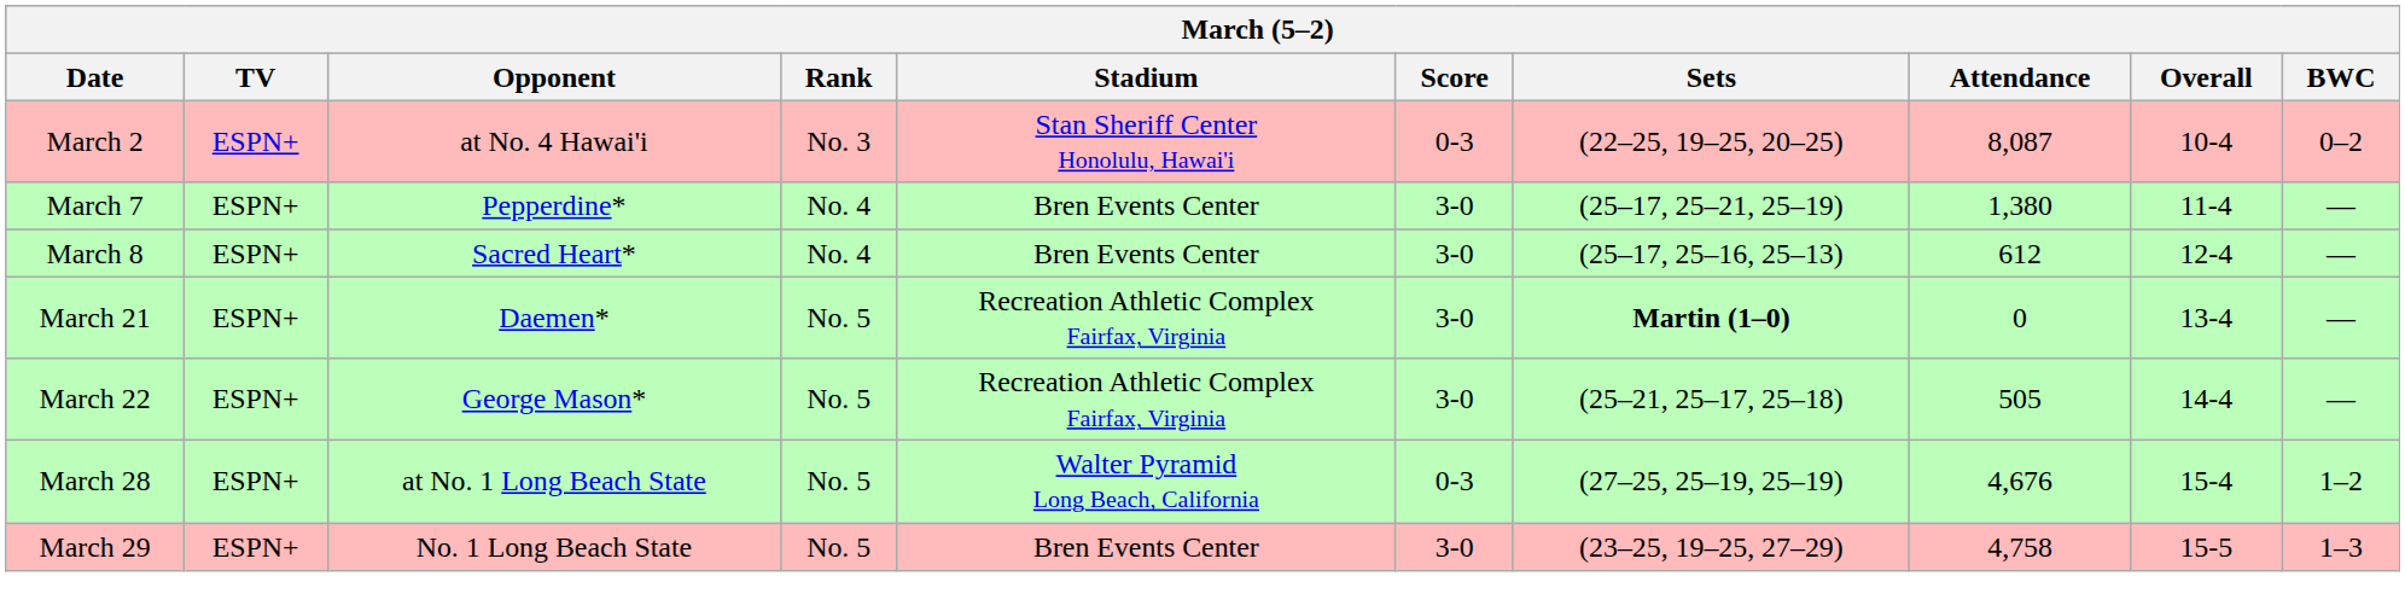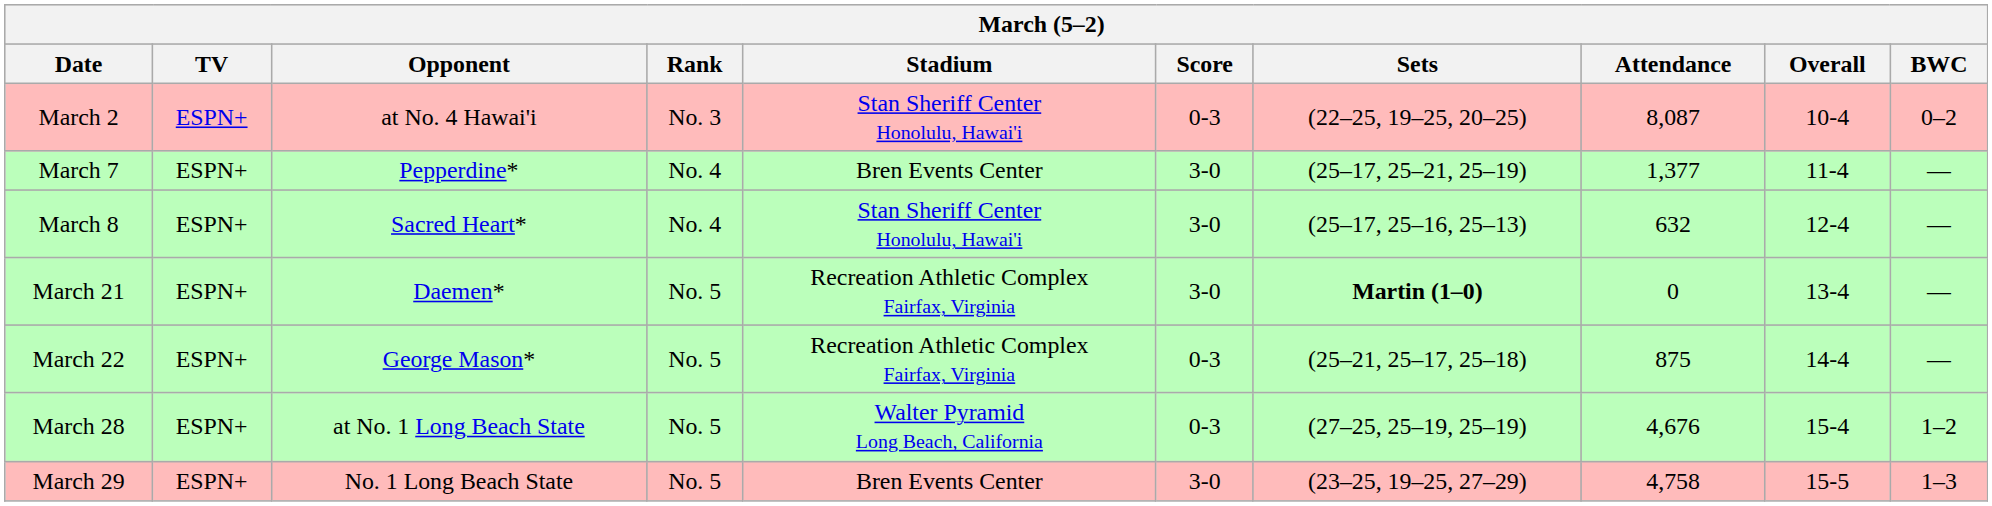 <table class="wikitable collapsible collapsed" style="margin:auto; width:100%; text-align:center; font-size:95%">
 <tr>
 <th colspan=12 style="padding-left:4em;">March (5–2)</th>
 </tr>
 <tr>
 <th bgcolor="#DDDDFF">Date</th>
 <th bgcolor="#DDDDFF">TV</th>
 <th bgcolor="#DDDDFF">Opponent</th>
 <th bgcolor="#DDDDFF">Rank</th>
 <th bgcolor="#DDDDFF">Stadium</th>
 <th bgcolor="#DDDDFF">Score</th>
 <th bgcolor="#DDDDFF">Sets</th>
 <th bgcolor="#DDDDFF">Attendance</th>
 <th bgcolor="#DDDDFF">Overall</th>
 <th bgcolor="#DDDDFF">BWC</th>
 </tr>
 <tr bgcolor="ffbbbb">
 <td>March 2</td>
 <td><a href='#'>ESPN+</a></td>
 <td>at No. 4 Hawai'i</td>
 <td>No. 3</td>
 <td><a href='#'>Stan Sheriff Center</a><br><small><a href='#'>Honolulu, Hawai'i</a></small></td>
 <td>0-3</td>
 <td>(22–25, 19–25, 20–25)</td>
 <td>8,087</td>
 <td>10-4</td>
 <td>0–2</td>
 </tr>
 <tr bgcolor="bbffbb">
 <td>March 7</td>
 <td>ESPN+</td>
 <td><a href='#'>Pepperdine</a>*</td>
 <td>No. 4</td>
 <td>Bren Events Center</td>
 <td>3-0</td>
 <td>(25–17, 25–21, 25–19)</td>
-<td>1,380</td>
+<td>1,377</td>
 <td>11-4</td>
 <td>—</td>
 </tr>
 <tr bgcolor="bbffbb">
 <td>March 8</td>
 <td>ESPN+</td>
 <td><a href='#'>Sacred Heart</a>*</td>
 <td>No. 4</td>
-<td>Bren Events Center</td>
+<td><a href='#'>Stan Sheriff Center</a><br><small><a href='#'>Honolulu, Hawai'i</a></small></td>
 <td>3-0</td>
 <td>(25–17, 25–16, 25–13)</td>
-<td>612</td>
+<td>632</td>
 <td>12-4</td>
 <td>—</td>
 </tr>
 <tr bgcolor="bbffbb">
 <td>March 21</td>
 <td>ESPN+</td>
 <td><a href='#'>Daemen</a>*</td>
 <td>No. 5</td>
 <td>Recreation Athletic Complex<br><small><a href='#'>Fairfax, Virginia</a></small></td>
 <td>3-0</td>
 <td><strong>Martin (1–0)</strong></td>
 <td>0</td>
 <td>13-4</td>
 <td>—</td>
 </tr>
 <tr bgcolor="bbffbb">
 <td>March 22</td>
 <td>ESPN+</td>
 <td><a href='#'>George Mason</a>*</td>
 <td>No. 5</td>
 <td>Recreation Athletic Complex<br><small><a href='#'>Fairfax, Virginia</a></small></td>
-<td>3-0</td>
+<td>0-3</td>
 <td>(25–21, 25–17, 25–18)</td>
-<td>505</td>
+<td>875</td>
 <td>14-4</td>
 <td>—</td>
 </tr>
 <tr bgcolor="bbffbb">
 <td>March 28</td>
 <td>ESPN+</td>
 <td>at No. 1 <a href='#'>Long Beach State</a></td>
 <td>No. 5</td>
 <td><a href='#'>Walter Pyramid</a><br><small><a href='#'>Long Beach, California</a></small></td>
 <td>0-3</td>
 <td>(27–25, 25–19, 25–19)</td>
 <td>4,676</td>
 <td>15-4</td>
 <td>1–2</td>
 </tr>
 <tr bgcolor="ffbbbb">
 <td>March 29</td>
 <td>ESPN+</td>
 <td>No. 1 Long Beach State</td>
 <td>No. 5</td>
 <td>Bren Events Center</td>
 <td>3-0</td>
 <td>(23–25, 19–25, 27–29)</td>
 <td>4,758</td>
 <td>15-5</td>
 <td>1–3</td>
 </tr>
 </table>
